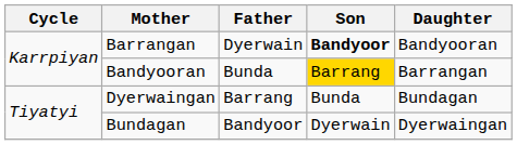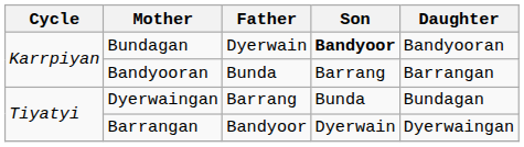 <table class="wikitable">
 <tr>
 <th>Cycle</th>
 <th>Mother</th>
 <th>Father</th>
 <th>Son</th>
 <th>Daughter</th>
 </tr>
 <tr>
 <td rowspan="2"><em>Karrpiyan</em></td>
-<td>Barrangan</td>
+<td>Bundagan</td>
 <td>Dyerwain</td>
 <td><strong>Bandyoor</strong></td>
 <td>Bandyooran</td>
 </tr>
 <tr>
 <td>Bandyooran</td>
 <td>Bunda</td>
-<td style="background: gold;">Barrang</td>
+<td>Barrang</td>
 <td>Barrangan</td>
 </tr>
 <tr>
 <td rowspan="2"><em>Tiyatyi</em></td>
 <td>Dyerwaingan</td>
 <td>Barrang</td>
 <td>Bunda</td>
 <td>Bundagan</td>
 </tr>
 <tr>
-<td>Bundagan</td>
+<td>Barrangan</td>
 <td>Bandyoor</td>
 <td>Dyerwain</td>
 <td>Dyerwaingan</td>
 </tr>
 <tr>
 </tr>
 </table>
